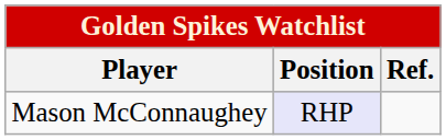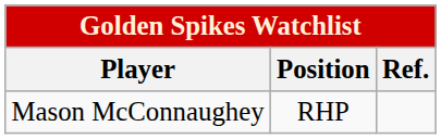 <table class="wikitable" style="text-align:center">
 <tr>
 <td colspan="3" style= "background: #d00000; color:#fdf2d9"><strong>Golden Spikes Watchlist</strong></td>
 </tr>
 <tr>
 <th>Player</th>
 <th>Position</th>
 <th>Ref.</th>
 </tr>
 <tr align="center">
 <td>Mason McConnaughey</td>
-<td style="background: lavender;">RHP</td>
+<td>RHP</td>
 <td></td>
 </tr>
 </table>
